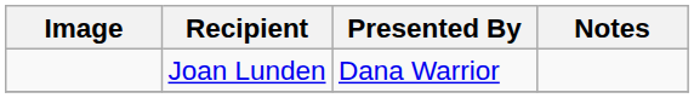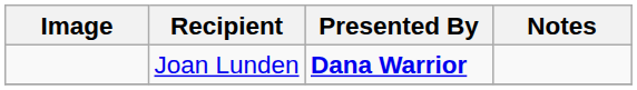 <table class="wikitable sortable" style="font-size: 95%">
 <tr>
 <th class="unsortable">Image</th>
 <th style="width:25%;">Recipient<br></th>
 <th style="width:30%;">Presented By</th>
 <th class="unsortable">Notes</th>
 </tr>
 <tr>
 <td></td>
 <td><a href='#'>Joan Lunden</a><br></td>
-<td><a href='#'>Dana Warrior</a></td>
+<td><strong><a href='#'>Dana Warrior</a></strong></td>
 <td></td>
 </tr>
 <tr>
 </tr>
 </table>
